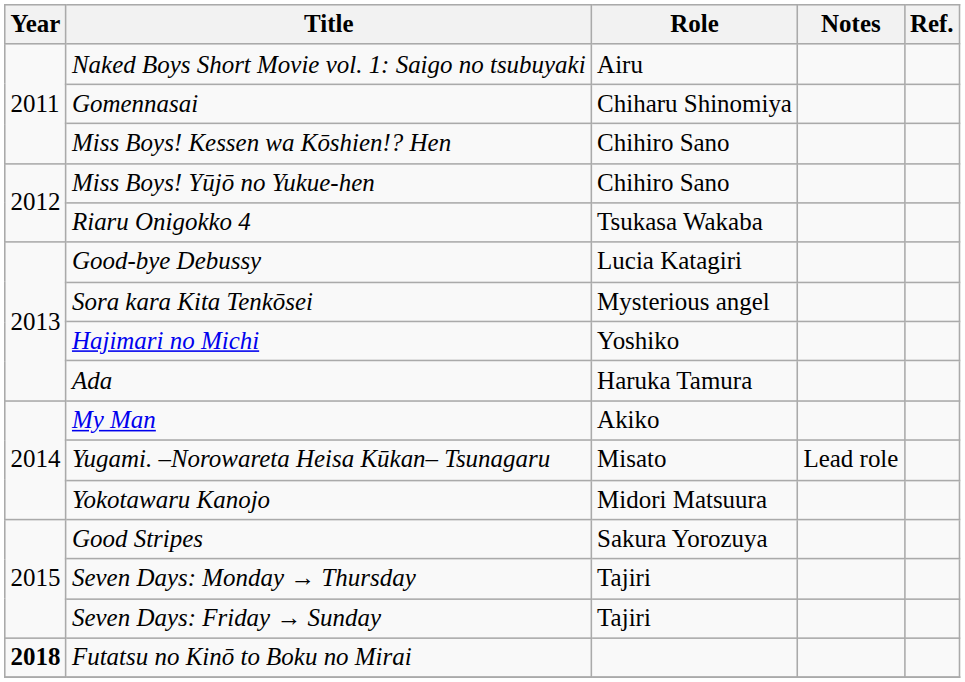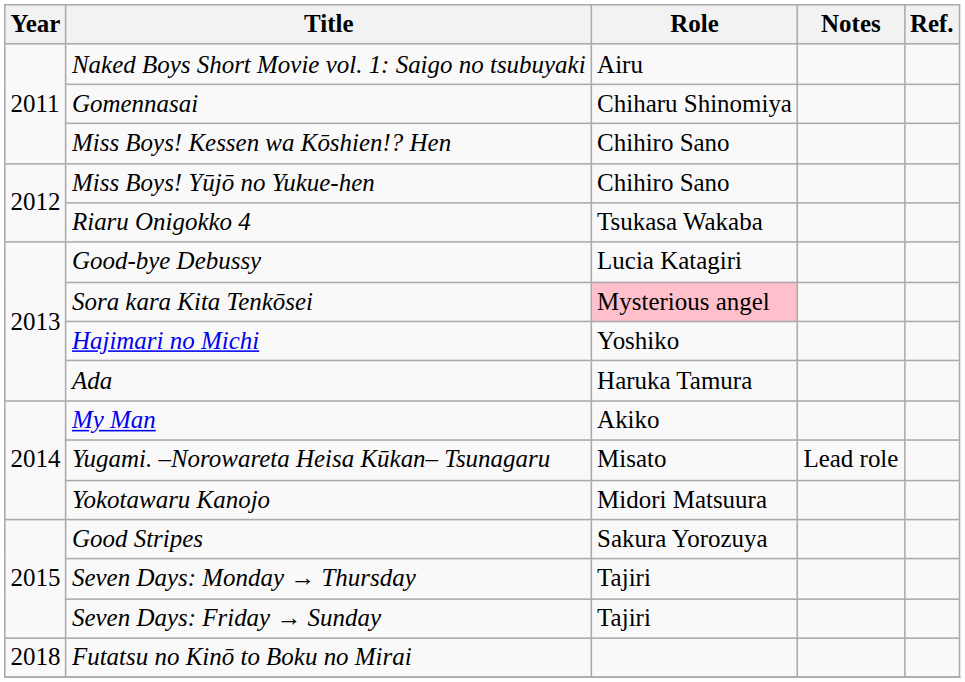 <table class="wikitable">
 <tr>
 <th>Year</th>
 <th>Title</th>
 <th>Role</th>
 <th>Notes</th>
 <th>Ref.</th>
 </tr>
 <tr>
 <td rowspan="3">2011</td>
 <td><em>Naked Boys Short Movie vol. 1: Saigo no tsubuyaki</em></td>
 <td>Airu</td>
 <td></td>
 <td></td>
 </tr>
 <tr>
 <td><em>Gomennasai</em></td>
 <td>Chiharu Shinomiya</td>
 <td></td>
 <td></td>
 </tr>
 <tr>
 <td><em>Miss Boys! Kessen wa Kōshien!? Hen</em></td>
 <td>Chihiro Sano</td>
 <td></td>
 <td></td>
 </tr>
 <tr>
 <td rowspan="2">2012</td>
 <td><em>Miss Boys! Yūjō no Yukue-hen</em></td>
 <td>Chihiro Sano</td>
 <td></td>
 <td></td>
 </tr>
 <tr>
 <td><em>Riaru Onigokko 4</em></td>
 <td>Tsukasa Wakaba</td>
 <td></td>
 <td></td>
 </tr>
 <tr>
 <td rowspan="4">2013</td>
 <td><em>Good-bye Debussy</em></td>
 <td>Lucia Katagiri</td>
 <td></td>
 <td></td>
 </tr>
 <tr>
 <td><em>Sora kara Kita Tenkōsei</em></td>
-<td>Mysterious angel</td>
+<td style="background: pink;">Mysterious angel</td>
 <td></td>
 <td></td>
 </tr>
 <tr>
 <td><em><a href='#'>Hajimari no Michi</a></em></td>
 <td>Yoshiko</td>
 <td></td>
 <td></td>
 </tr>
 <tr>
 <td><em>Ada</em></td>
 <td>Haruka Tamura</td>
 <td></td>
 <td></td>
 </tr>
 <tr>
 <td rowspan="3">2014</td>
 <td><em><a href='#'>My Man</a></em></td>
 <td>Akiko</td>
 <td></td>
 <td></td>
 </tr>
 <tr>
 <td><em>Yugami. –Norowareta Heisa Kūkan– Tsunagaru</em></td>
 <td>Misato</td>
 <td>Lead role</td>
 <td></td>
 </tr>
 <tr>
 <td><em>Yokotawaru Kanojo</em></td>
 <td>Midori Matsuura</td>
 <td></td>
 <td></td>
 </tr>
 <tr>
 <td rowspan="3">2015</td>
 <td><em>Good Stripes</em></td>
 <td>Sakura Yorozuya</td>
 <td></td>
 <td></td>
 </tr>
 <tr>
 <td><em>Seven Days: Monday → Thursday</em></td>
 <td>Tajiri</td>
 <td></td>
 <td></td>
 </tr>
 <tr>
 <td><em>Seven Days: Friday → Sunday</em></td>
 <td>Tajiri</td>
 <td></td>
 <td></td>
 </tr>
 <tr>
-<td rowspan="1"><strong>2018</strong></td>
+<td rowspan="1">2018</td>
 <td><em>Futatsu no Kinō to Boku no Mirai</em></td>
 <td></td>
 <td></td>
 <td></td>
 </tr>
 <tr>
 </tr>
 </table>
